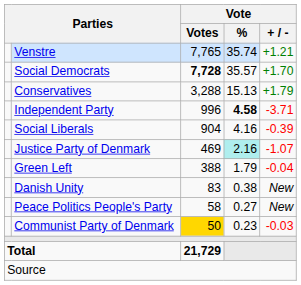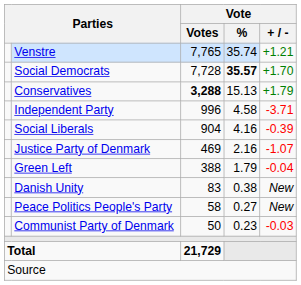 <table class="wikitable" style="text-align:right;">
 <tr>
 <th style="text-align:centre;" rowspan="2" colspan="2" width="225">Parties</th>
 <th colspan="3">Vote</th>
 </tr>
 <tr>
 <th width="15">Votes</th>
 <th width="15">%</th>
 <th width="15">+ / -</th>
 </tr>
 <tr>
 <td width="2" style="color:inherit;background:"></td>
 <td bgcolor=#cfe5fe  align="left"><a href='#'>Venstre</a></td>
 <td bgcolor=#cfe5fe>7,765</td>
 <td bgcolor=#cfe5fe>35.74</td>
 <td style=color:green;>+1.21</td>
 </tr>
 <tr>
 <td width="2" style="color:inherit;background:"></td>
 <td align="left"><a href='#'>Social Democrats</a></td>
-<td><strong>7,728</strong></td>
-<td>35.57</td>
+<td>7,728</td>
+<td><strong>35.57</strong></td>
 <td style=color:green;>+1.70</td>
 </tr>
 <tr>
 <td width="2" style="color:inherit;background:"></td>
 <td align="left"><a href='#'>Conservatives</a></td>
-<td>3,288</td>
+<td><strong>3,288</strong></td>
 <td>15.13</td>
 <td style=color:green;>+1.79</td>
 </tr>
 <tr>
 <td width="2" style="color:inherit;background:"></td>
 <td align="left"><a href='#'>Independent Party</a></td>
 <td>996</td>
-<td><strong>4.58</strong></td>
+<td>4.58</td>
 <td style=color:red;>-3.71</td>
 </tr>
 <tr>
 <td width="2" style="color:inherit;background:"></td>
 <td align="left"><a href='#'>Social Liberals</a></td>
 <td>904</td>
 <td>4.16</td>
 <td style=color:red;>-0.39</td>
 </tr>
 <tr>
 <td width="2" style="color:inherit;background:"></td>
 <td align="left"><a href='#'>Justice Party of Denmark</a></td>
 <td>469</td>
-<td style="background: paleturquoise;">2.16</td>
+<td>2.16</td>
 <td style=color:red;>-1.07</td>
 </tr>
 <tr>
 <td width="2" style="color:inherit;background:"></td>
 <td align="left"><a href='#'>Green Left</a></td>
 <td>388</td>
 <td>1.79</td>
 <td style=color:red;>-0.04</td>
 </tr>
 <tr>
 <td width="2" style="color:inherit;background:"></td>
 <td align="left"><a href='#'>Danish Unity</a></td>
 <td>83</td>
 <td>0.38</td>
 <td><em>New</em></td>
 </tr>
 <tr>
 <td width="2" style="color:inherit;background:"></td>
 <td align="left"><a href='#'>Peace Politics People's Party</a></td>
 <td>58</td>
 <td>0.27</td>
 <td><em>New</em></td>
 </tr>
 <tr>
 <td width="2" style="color:inherit;background:"></td>
 <td align="left"><a href='#'>Communist Party of Denmark</a></td>
-<td style="background: gold;">50</td>
+<td>50</td>
 <td>0.23</td>
 <td style=color:red;>-0.03</td>
 </tr>
 <tr>
 <td colspan="7" bgcolor="#E9E9E9"></td>
 </tr>
 <tr>
 <td align="left" colspan="2"><strong>Total</strong></td>
 <td><strong>21,729</strong></td>
 <td bgcolor="#E9E9E9" colspan="2"></td>
 </tr>
 <tr>
 <td align="left" colspan="6">Source</td>
 </tr>
 </table>
